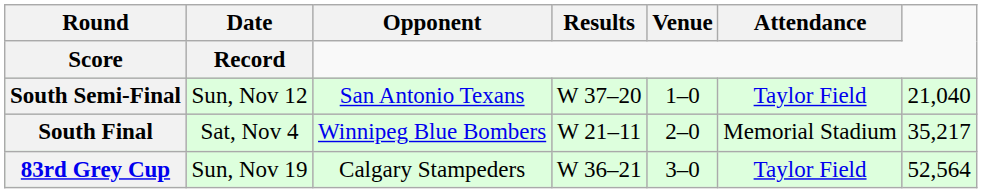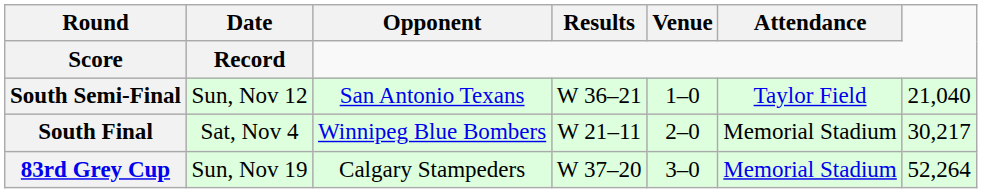 <table class="wikitable" style="text-align:center">
 <tr>
 <th>Round</th>
 <th>Date</th>
 <th>Opponent</th>
 <th>Results</th>
 <th>Venue</th>
 <th>Attendance</th>
 </tr>
 <tr>
 <th>Score</th>
 <th>Record</th>
 </tr>
 <tr style="background:#ddffdd">
 <th>South Semi-Final</th>
 <td>Sun, Nov 12</td>
 <td><a href='#'>San Antonio Texans</a></td>
-<td>W 37–20</td>
+<td>W 36–21</td>
 <td>1–0</td>
 <td><a href='#'>Taylor Field</a></td>
 <td>21,040</td>
 </tr>
 <tr style="background:#ddffdd">
 <th>South Final</th>
 <td>Sat, Nov 4</td>
 <td><a href='#'>Winnipeg Blue Bombers</a></td>
 <td>W 21–11</td>
 <td>2–0</td>
 <td>Memorial Stadium</td>
-<td>35,217</td>
+<td>30,217</td>
 </tr>
 <tr style="background:#ddffdd">
 <th><a href='#'>83rd Grey Cup</a></th>
 <td>Sun, Nov 19</td>
 <td>Calgary Stampeders</td>
-<td>W 36–21</td>
+<td>W 37–20</td>
 <td>3–0</td>
-<td><a href='#'>Taylor Field</a></td>
-<td>52,564</td>
+<td><a href='#'>Memorial Stadium</a></td>
+<td>52,264</td>
 </tr>
 </table>
